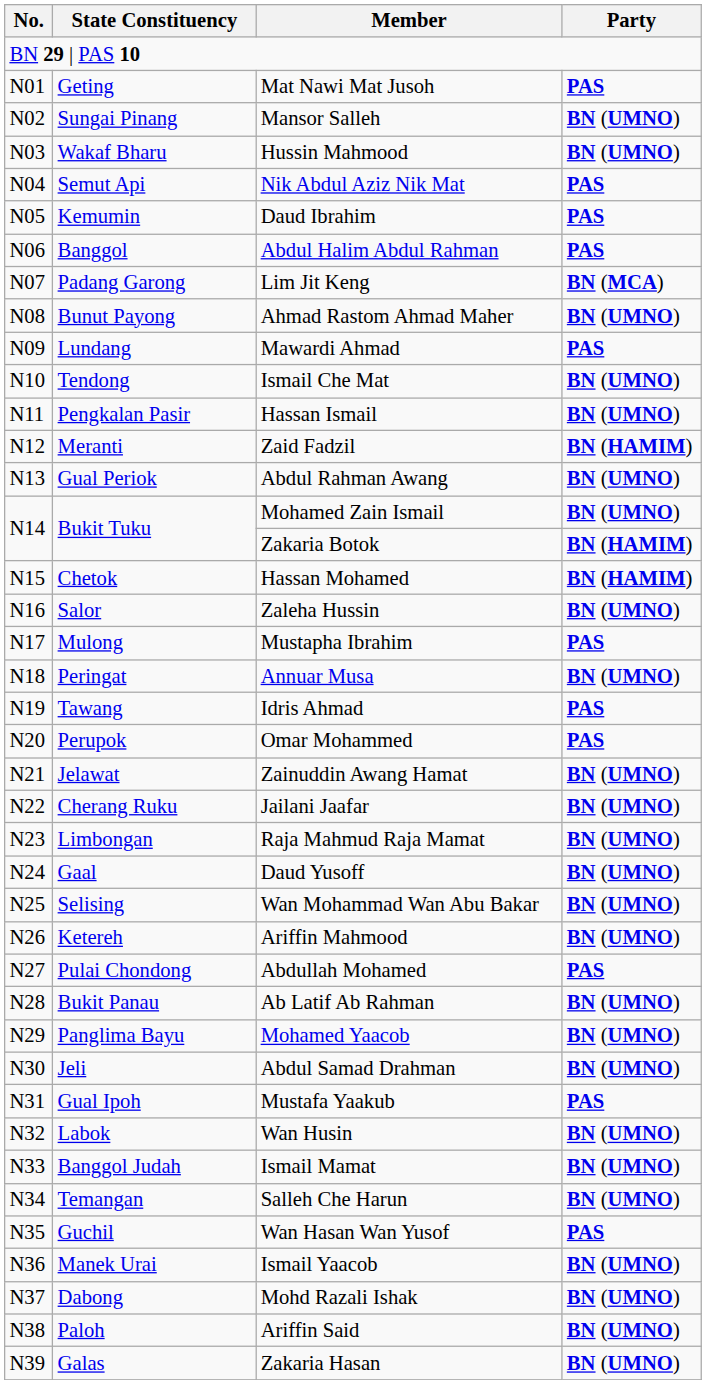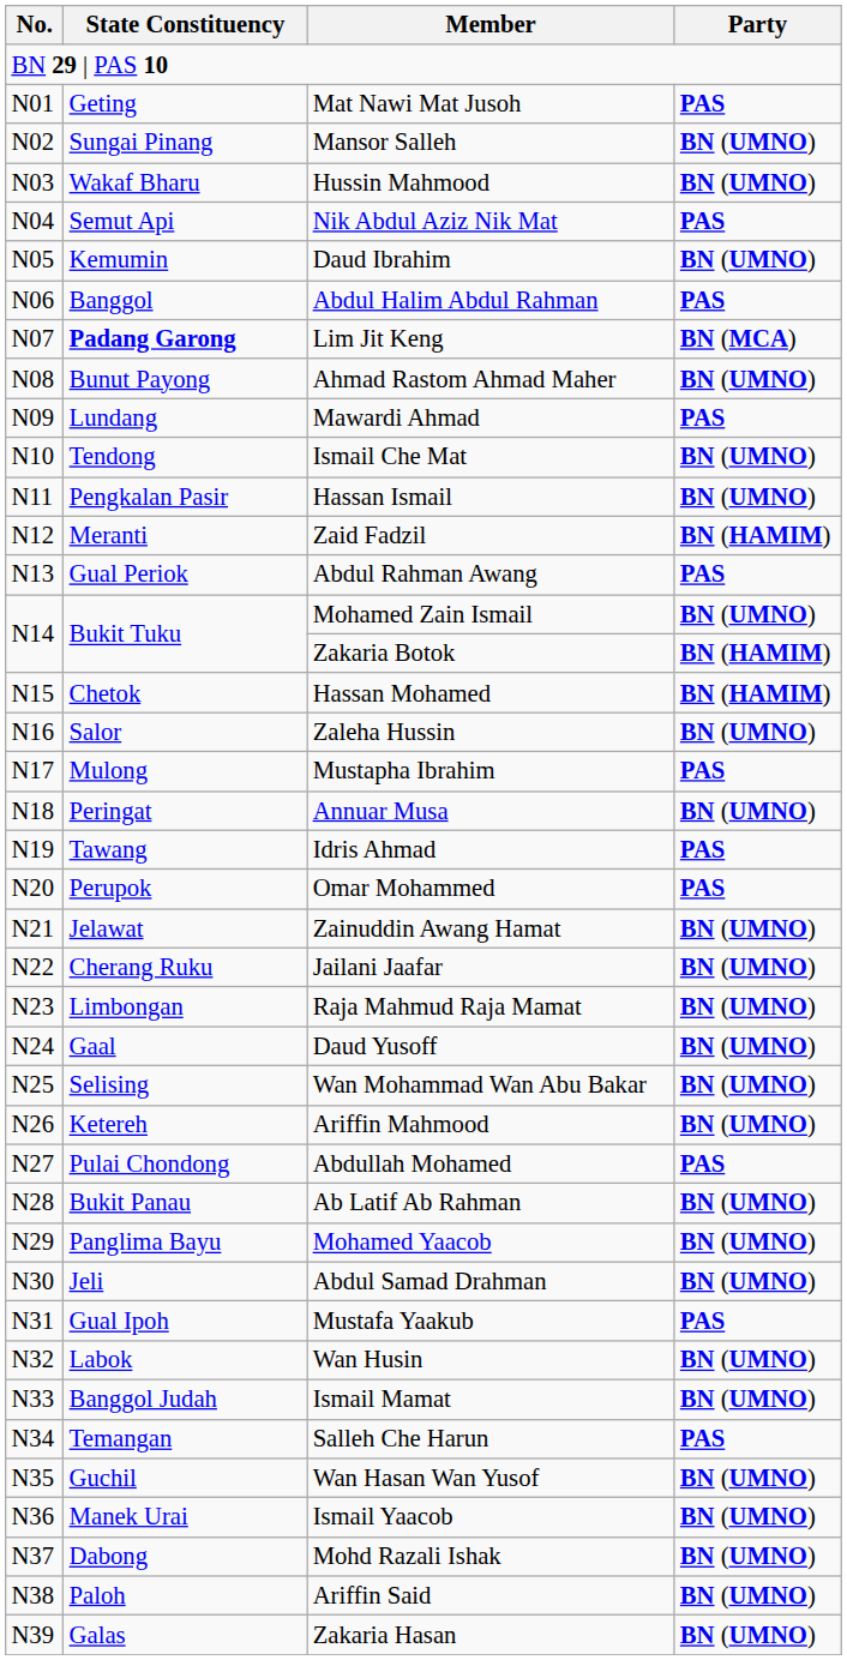 <table class="wikitable sortable">
 <tr>
 <th style="width:30px;">No.</th>
 <th style="width:150px;">State Constituency</th>
 <th style="width:230px;">Member</th>
 <th style="width:100px;">Party</th>
 </tr>
 <tr>
 <td colspan="4"><a href='#'>BN</a> <strong>29</strong> | <a href='#'>PAS</a> <strong>10</strong></td>
 </tr>
 <tr>
 <td>N01</td>
 <td><a href='#'>Geting</a></td>
 <td>Mat Nawi Mat Jusoh</td>
 <td><strong><a href='#'>PAS</a></strong></td>
 </tr>
 <tr>
 <td>N02</td>
 <td><a href='#'>Sungai Pinang</a></td>
 <td>Mansor Salleh</td>
 <td><strong><a href='#'>BN</a></strong> (<strong><a href='#'>UMNO</a></strong>)</td>
 </tr>
 <tr>
 <td>N03</td>
 <td><a href='#'>Wakaf Bharu</a></td>
 <td>Hussin Mahmood</td>
 <td><strong><a href='#'>BN</a></strong> (<strong><a href='#'>UMNO</a></strong>)</td>
 </tr>
 <tr>
 <td>N04</td>
 <td><a href='#'>Semut Api</a></td>
 <td><a href='#'>Nik Abdul Aziz Nik Mat</a></td>
 <td><strong><a href='#'>PAS</a></strong></td>
 </tr>
 <tr>
 <td>N05</td>
 <td><a href='#'>Kemumin</a></td>
 <td>Daud Ibrahim</td>
-<td><strong><a href='#'>PAS</a></strong></td>
+<td><strong><a href='#'>BN</a></strong> (<strong><a href='#'>UMNO</a></strong>)</td>
 </tr>
 <tr>
 <td>N06</td>
 <td><a href='#'>Banggol</a></td>
 <td><a href='#'>Abdul Halim Abdul Rahman</a></td>
 <td><strong><a href='#'>PAS</a></strong></td>
 </tr>
 <tr>
 <td>N07</td>
-<td><a href='#'>Padang Garong</a></td>
+<td><strong><a href='#'>Padang Garong</a></strong></td>
 <td>Lim Jit Keng</td>
 <td><strong><a href='#'>BN</a></strong> (<strong><a href='#'>MCA</a></strong>)</td>
 </tr>
 <tr>
 <td>N08</td>
 <td><a href='#'>Bunut Payong</a></td>
 <td>Ahmad Rastom Ahmad Maher</td>
 <td><strong><a href='#'>BN</a></strong> (<strong><a href='#'>UMNO</a></strong>)</td>
 </tr>
 <tr>
 <td>N09</td>
 <td><a href='#'>Lundang</a></td>
 <td>Mawardi Ahmad</td>
 <td><strong><a href='#'>PAS</a></strong></td>
 </tr>
 <tr>
 <td>N10</td>
 <td><a href='#'>Tendong</a></td>
 <td>Ismail Che Mat</td>
 <td><strong><a href='#'>BN</a></strong> (<strong><a href='#'>UMNO</a></strong>)</td>
 </tr>
 <tr>
 <td>N11</td>
 <td><a href='#'>Pengkalan Pasir</a></td>
 <td>Hassan Ismail</td>
 <td><strong><a href='#'>BN</a></strong> (<strong><a href='#'>UMNO</a></strong>)</td>
 </tr>
 <tr>
 <td>N12</td>
 <td><a href='#'>Meranti</a></td>
 <td>Zaid Fadzil</td>
 <td><strong><a href='#'>BN</a></strong> (<strong><a href='#'>HAMIM</a></strong>)</td>
 </tr>
 <tr>
 <td>N13</td>
 <td><a href='#'>Gual Periok</a></td>
 <td>Abdul Rahman Awang</td>
-<td><strong><a href='#'>BN</a></strong> (<strong><a href='#'>UMNO</a></strong>)</td>
+<td><strong><a href='#'>PAS</a></strong></td>
 </tr>
 <tr>
 <td rowspan=2>N14</td>
 <td rowspan=2><a href='#'>Bukit Tuku</a></td>
 <td>Mohamed Zain Ismail </td>
 <td><strong><a href='#'>BN</a></strong> (<strong><a href='#'>UMNO</a></strong>)</td>
 </tr>
 <tr>
 <td>Zakaria Botok </td>
 <td><strong><a href='#'>BN</a></strong> (<strong><a href='#'>HAMIM</a></strong>)</td>
 </tr>
 <tr>
 <td>N15</td>
 <td><a href='#'>Chetok</a></td>
 <td>Hassan Mohamed</td>
 <td><strong><a href='#'>BN</a></strong> (<strong><a href='#'>HAMIM</a></strong>)</td>
 </tr>
 <tr>
 <td>N16</td>
 <td><a href='#'>Salor</a></td>
 <td>Zaleha Hussin</td>
 <td><strong><a href='#'>BN</a></strong> (<strong><a href='#'>UMNO</a></strong>)</td>
 </tr>
 <tr>
 <td>N17</td>
 <td><a href='#'>Mulong</a></td>
 <td>Mustapha Ibrahim</td>
 <td><strong><a href='#'>PAS</a></strong></td>
 </tr>
 <tr>
 <td>N18</td>
 <td><a href='#'>Peringat</a></td>
 <td><a href='#'>Annuar Musa</a></td>
 <td><strong><a href='#'>BN</a></strong> (<strong><a href='#'>UMNO</a></strong>)</td>
 </tr>
 <tr>
 <td>N19</td>
 <td><a href='#'>Tawang</a></td>
 <td>Idris Ahmad</td>
 <td><strong><a href='#'>PAS</a></strong></td>
 </tr>
 <tr>
 <td>N20</td>
 <td><a href='#'>Perupok</a></td>
 <td>Omar Mohammed</td>
 <td><strong><a href='#'>PAS</a></strong></td>
 </tr>
 <tr>
 <td>N21</td>
 <td><a href='#'>Jelawat</a></td>
 <td>Zainuddin Awang Hamat</td>
 <td><strong><a href='#'>BN</a></strong> (<strong><a href='#'>UMNO</a></strong>)</td>
 </tr>
 <tr>
 <td>N22</td>
 <td><a href='#'>Cherang Ruku</a></td>
 <td>Jailani Jaafar</td>
 <td><strong><a href='#'>BN</a></strong> (<strong><a href='#'>UMNO</a></strong>)</td>
 </tr>
 <tr>
 <td>N23</td>
 <td><a href='#'>Limbongan</a></td>
 <td>Raja Mahmud Raja Mamat</td>
 <td><strong><a href='#'>BN</a></strong> (<strong><a href='#'>UMNO</a></strong>)</td>
 </tr>
 <tr>
 <td>N24</td>
 <td><a href='#'>Gaal</a></td>
 <td>Daud Yusoff</td>
 <td><strong><a href='#'>BN</a></strong> (<strong><a href='#'>UMNO</a></strong>)</td>
 </tr>
 <tr>
 <td>N25</td>
 <td><a href='#'>Selising</a></td>
 <td>Wan Mohammad Wan Abu Bakar</td>
 <td><strong><a href='#'>BN</a></strong> (<strong><a href='#'>UMNO</a></strong>)</td>
 </tr>
 <tr>
 <td>N26</td>
 <td><a href='#'>Ketereh</a></td>
 <td>Ariffin Mahmood</td>
 <td><strong><a href='#'>BN</a></strong> (<strong><a href='#'>UMNO</a></strong>)</td>
 </tr>
 <tr>
 <td>N27</td>
 <td><a href='#'>Pulai Chondong</a></td>
 <td>Abdullah Mohamed</td>
 <td><strong><a href='#'>PAS</a></strong></td>
 </tr>
 <tr>
 <td>N28</td>
 <td><a href='#'>Bukit Panau</a></td>
 <td>Ab Latif Ab Rahman</td>
 <td><strong><a href='#'>BN</a></strong> (<strong><a href='#'>UMNO</a></strong>)</td>
 </tr>
 <tr>
 <td>N29</td>
 <td><a href='#'>Panglima Bayu</a></td>
 <td><a href='#'>Mohamed Yaacob</a></td>
 <td><strong><a href='#'>BN</a></strong> (<strong><a href='#'>UMNO</a></strong>)</td>
 </tr>
 <tr>
 <td>N30</td>
 <td><a href='#'>Jeli</a></td>
 <td>Abdul Samad Drahman</td>
 <td><strong><a href='#'>BN</a></strong> (<strong><a href='#'>UMNO</a></strong>)</td>
 </tr>
 <tr>
 <td>N31</td>
 <td><a href='#'>Gual Ipoh</a></td>
 <td>Mustafa Yaakub</td>
 <td><strong><a href='#'>PAS</a></strong></td>
 </tr>
 <tr>
 <td>N32</td>
 <td><a href='#'>Labok</a></td>
 <td>Wan Husin</td>
 <td><strong><a href='#'>BN</a></strong> (<strong><a href='#'>UMNO</a></strong>)</td>
 </tr>
 <tr>
 <td>N33</td>
 <td><a href='#'>Banggol Judah</a></td>
 <td>Ismail Mamat</td>
 <td><strong><a href='#'>BN</a></strong> (<strong><a href='#'>UMNO</a></strong>)</td>
 </tr>
 <tr>
 <td>N34</td>
 <td><a href='#'>Temangan</a></td>
 <td>Salleh Che Harun</td>
-<td><strong><a href='#'>BN</a></strong> (<strong><a href='#'>UMNO</a></strong>)</td>
+<td><strong><a href='#'>PAS</a></strong></td>
 </tr>
 <tr>
 <td>N35</td>
 <td><a href='#'>Guchil</a></td>
 <td>Wan Hasan Wan Yusof</td>
-<td><strong><a href='#'>PAS</a></strong></td>
+<td><strong><a href='#'>BN</a></strong> (<strong><a href='#'>UMNO</a></strong>)</td>
 </tr>
 <tr>
 <td>N36</td>
 <td><a href='#'>Manek Urai</a></td>
 <td>Ismail Yaacob</td>
 <td><strong><a href='#'>BN</a></strong> (<strong><a href='#'>UMNO</a></strong>)</td>
 </tr>
 <tr>
 <td>N37</td>
 <td><a href='#'>Dabong</a></td>
 <td>Mohd Razali Ishak</td>
 <td><strong><a href='#'>BN</a></strong> (<strong><a href='#'>UMNO</a></strong>)</td>
 </tr>
 <tr>
 <td>N38</td>
 <td><a href='#'>Paloh</a></td>
 <td>Ariffin Said</td>
 <td><strong><a href='#'>BN</a></strong> (<strong><a href='#'>UMNO</a></strong>)</td>
 </tr>
 <tr>
 <td>N39</td>
 <td><a href='#'>Galas</a></td>
 <td>Zakaria Hasan</td>
 <td><strong><a href='#'>BN</a></strong> (<strong><a href='#'>UMNO</a></strong>)</td>
 </tr>
 </table>
